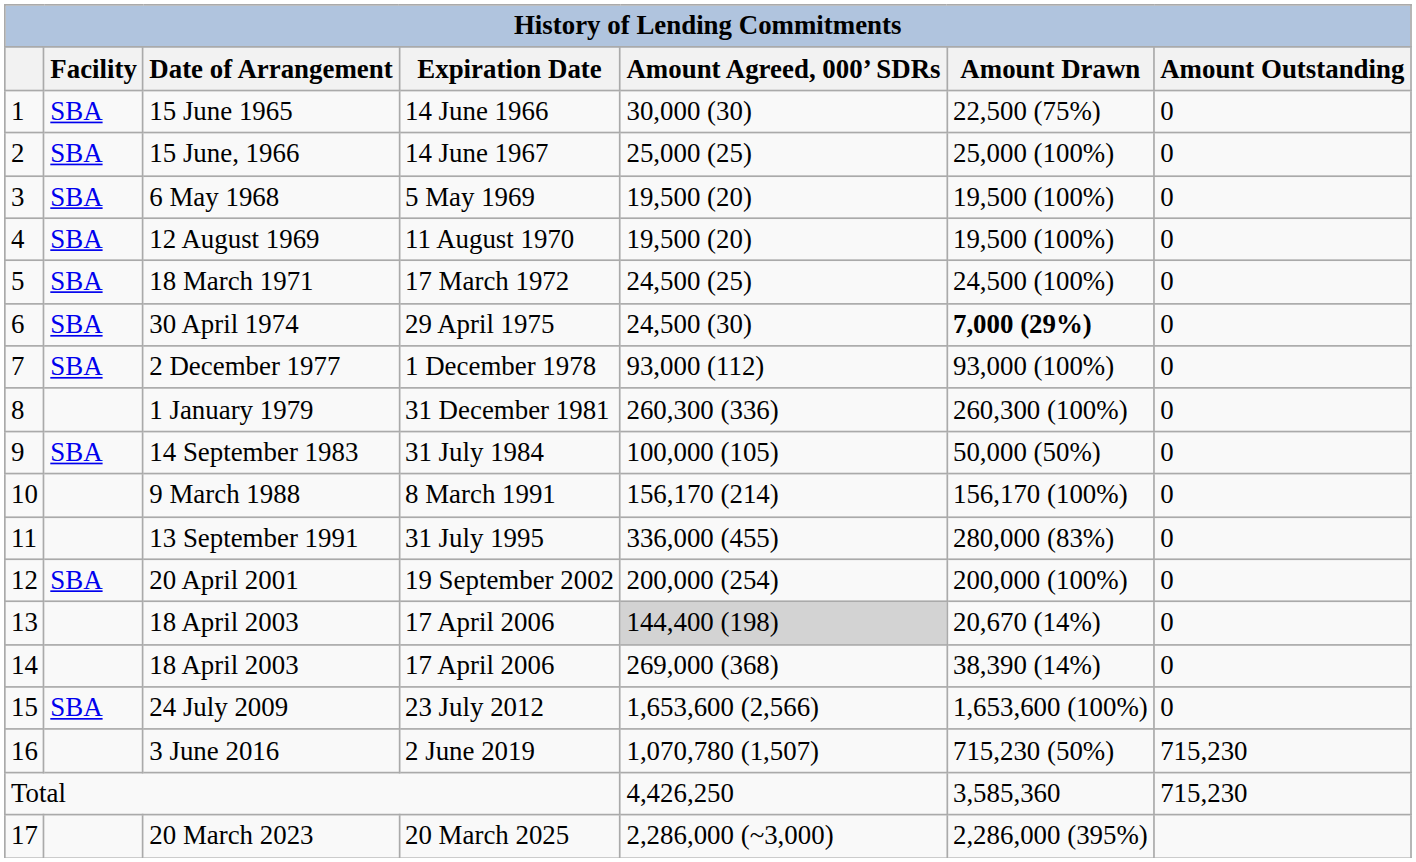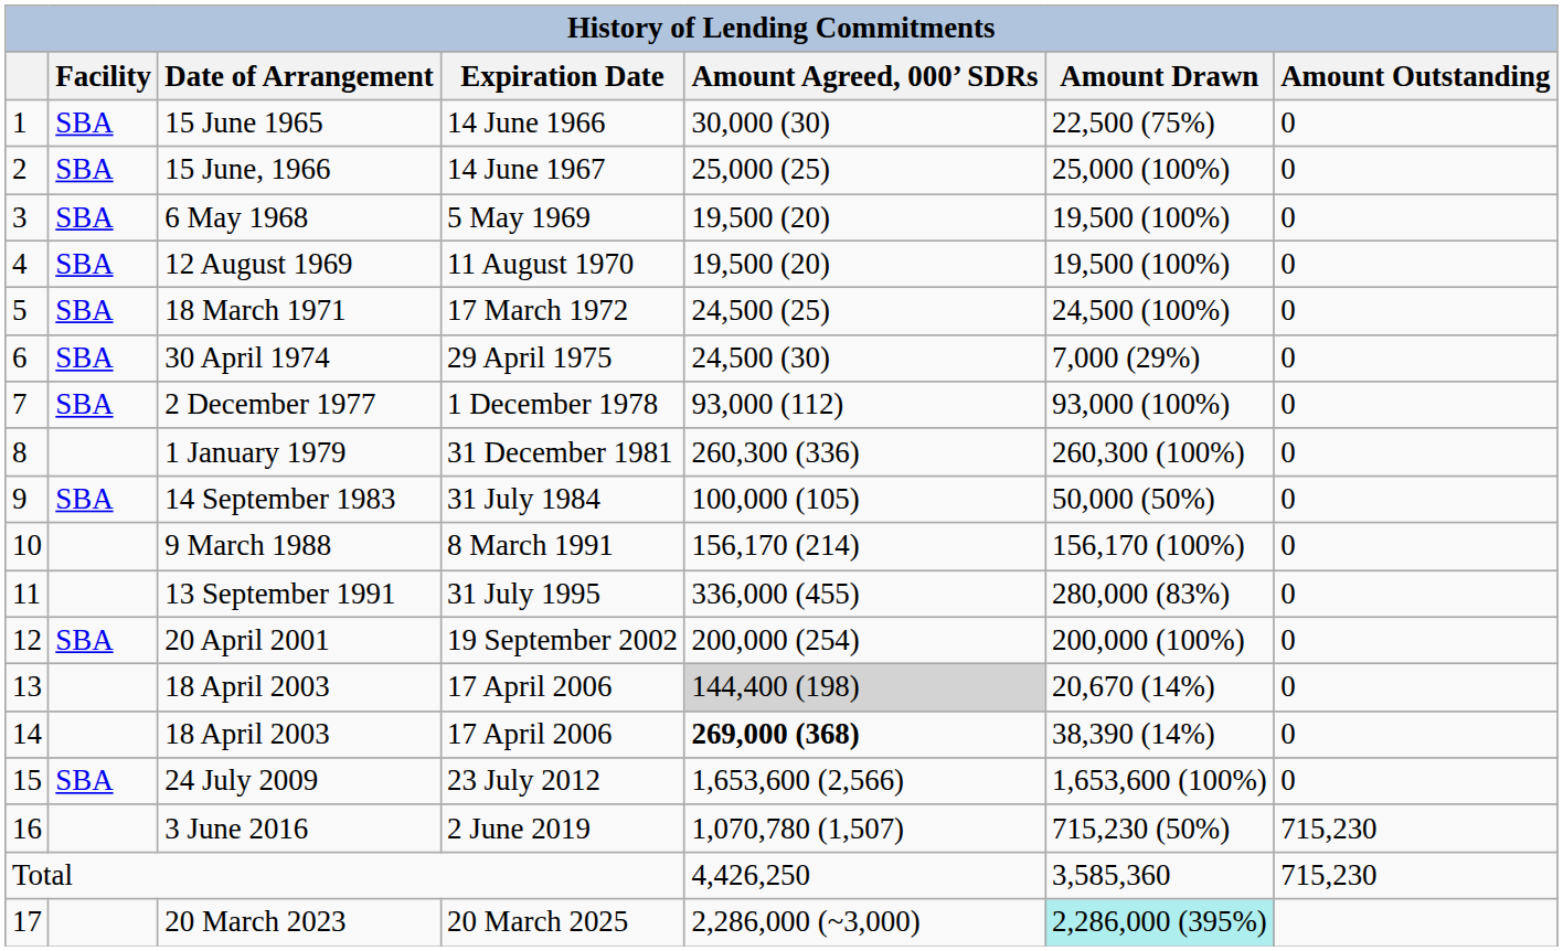 <table class="wikitable sortable">
 <tr>
 <th colspan="7" style="background:#B0C4DE">History of Lending Commitments</th>
 </tr>
 <tr>
 <th style="white-space:nowrap;"> </th>
 <th>Facility</th>
 <th>Date of Arrangement</th>
 <th>Expiration Date</th>
 <th>Amount Agreed, 000’ SDRs<br></th>
 <th>Amount Drawn<br></th>
 <th>Amount Outstanding</th>
 </tr>
 <tr>
 <td>1</td>
 <td><a href='#'>SBA</a></td>
 <td>15 June 1965</td>
 <td>14 June 1966</td>
 <td>30,000 (30)</td>
 <td>22,500 (75%)</td>
 <td>0</td>
 </tr>
 <tr>
 <td>2</td>
 <td><a href='#'>SBA</a></td>
 <td>15 June, 1966</td>
 <td>14 June 1967</td>
 <td>25,000 (25)</td>
 <td>25,000 (100%)</td>
 <td>0</td>
 </tr>
 <tr>
 <td>3</td>
 <td><a href='#'>SBA</a></td>
 <td>6 May 1968</td>
 <td>5 May 1969</td>
 <td>19,500 (20)</td>
 <td>19,500 (100%)</td>
 <td>0</td>
 </tr>
 <tr>
 <td>4</td>
 <td><a href='#'>SBA</a></td>
 <td>12 August 1969</td>
 <td>11 August 1970</td>
 <td>19,500 (20)</td>
 <td>19,500 (100%)</td>
 <td>0</td>
 </tr>
 <tr>
 <td>5</td>
 <td><a href='#'>SBA</a></td>
 <td>18 March 1971</td>
 <td>17 March 1972</td>
 <td>24,500 (25)</td>
 <td>24,500 (100%)</td>
 <td>0</td>
 </tr>
 <tr>
 <td>6</td>
 <td><a href='#'>SBA</a></td>
 <td>30 April 1974</td>
 <td>29 April 1975</td>
 <td>24,500 (30)</td>
-<td><strong>7,000 (29%)</strong></td>
+<td>7,000 (29%)</td>
 <td>0</td>
 </tr>
 <tr>
 <td>7</td>
 <td><a href='#'>SBA</a></td>
 <td>2 December 1977</td>
 <td>1 December 1978</td>
 <td>93,000 (112)</td>
 <td>93,000 (100%)</td>
 <td>0</td>
 </tr>
 <tr>
 <td>8</td>
 <td></td>
 <td>1 January 1979</td>
 <td>31 December 1981</td>
 <td>260,300 (336)</td>
 <td>260,300 (100%)</td>
 <td>0</td>
 </tr>
 <tr>
 <td>9</td>
 <td><a href='#'>SBA</a></td>
 <td>14 September 1983</td>
 <td>31 July 1984</td>
 <td>100,000 (105)</td>
 <td>50,000 (50%)</td>
 <td>0</td>
 </tr>
 <tr>
 <td>10</td>
 <td></td>
 <td>9 March 1988</td>
 <td>8 March 1991</td>
 <td>156,170 (214)</td>
 <td>156,170 (100%)</td>
 <td>0</td>
 </tr>
 <tr>
 <td>11</td>
 <td></td>
 <td>13 September 1991</td>
 <td>31 July 1995</td>
 <td>336,000 (455)</td>
 <td>280,000 (83%)</td>
 <td>0</td>
 </tr>
 <tr>
 <td>12</td>
 <td><a href='#'>SBA</a></td>
 <td>20 April 2001</td>
 <td>19 September 2002</td>
 <td>200,000 (254)</td>
 <td>200,000 (100%)</td>
 <td>0</td>
 </tr>
 <tr>
 <td>13</td>
 <td></td>
 <td>18 April 2003</td>
 <td>17 April 2006</td>
 <td style="background: lightgrey;">144,400 (198)</td>
 <td>20,670 (14%)</td>
 <td>0</td>
 </tr>
 <tr>
 <td>14</td>
 <td></td>
 <td>18 April 2003</td>
 <td>17 April 2006</td>
-<td>269,000 (368)</td>
+<td><strong>269,000 (368)</strong></td>
 <td>38,390 (14%)</td>
 <td>0</td>
 </tr>
 <tr>
 <td>15</td>
 <td><a href='#'>SBA</a></td>
 <td>24 July 2009</td>
 <td>23 July 2012</td>
 <td>1,653,600 (2,566)</td>
 <td>1,653,600 (100%)</td>
 <td>0</td>
 </tr>
 <tr>
 <td>16</td>
 <td></td>
 <td>3 June 2016</td>
 <td>2 June 2019</td>
 <td>1,070,780 (1,507)</td>
 <td>715,230 (50%)</td>
 <td>715,230</td>
 </tr>
 <tr>
 <td colspan="4">Total </td>
 <td>4,426,250</td>
 <td>3,585,360</td>
 <td>715,230</td>
 </tr>
 <tr>
 <td>17</td>
 <td></td>
 <td>20 March 2023</td>
 <td>20 March 2025</td>
 <td>2,286,000 (~3,000)</td>
-<td>2,286,000 (395%)</td>
+<td style="background: paleturquoise;">2,286,000 (395%)</td>
 <td></td>
 </tr>
 </table>
